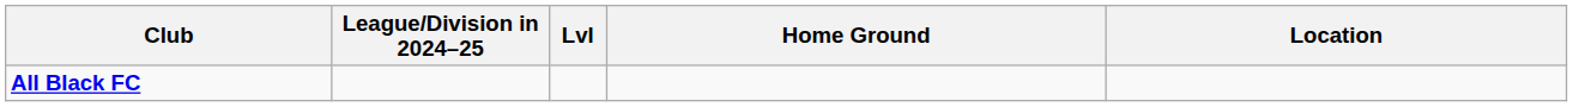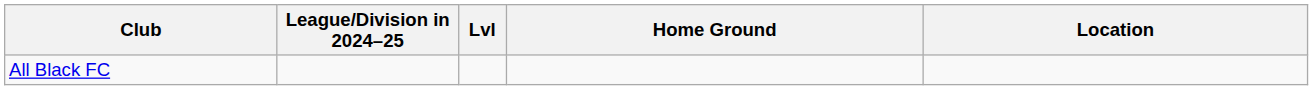 <table class="wikitable sortable" width=80% style="font-size:90%">
 <tr>
 <th width=17%><strong>Club</strong></th>
 <th width=10%><strong>League/Division in 2024–25</strong></th>
 <th width=3%><strong>Lvl</strong></th>
 <th width=26%><strong>Home Ground</strong></th>
 <th width=24%><strong>Location</strong></th>
 </tr>
 <tr>
-<td><strong><a href='#'>All Black FC</a></strong></td>
+<td><a href='#'>All Black FC</a></td>
 <td></td>
 <td></td>
 <td></td>
 <td></td>
 </tr>
 </table>
